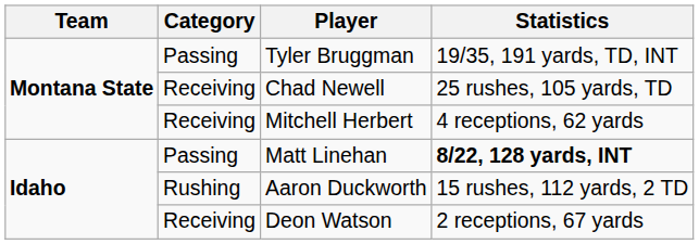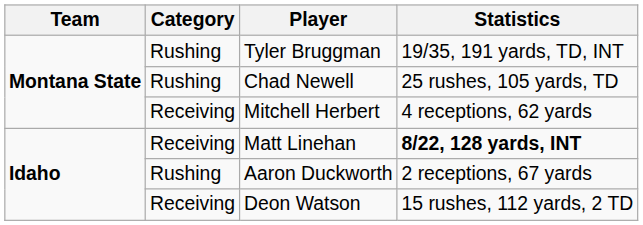 <table class="wikitable" style="float: right;">
 <tr>
 <th>Team</th>
 <th>Category</th>
 <th>Player</th>
 <th>Statistics</th>
 </tr>
 <tr>
 <td rowspan=3><strong>Montana State</strong></td>
-<td>Passing</td>
+<td>Rushing</td>
 <td>Tyler Bruggman</td>
 <td>19/35, 191 yards, TD, INT</td>
 </tr>
 <tr>
-<td>Receiving</td>
+<td>Rushing</td>
 <td>Chad Newell</td>
 <td>25 rushes, 105 yards, TD</td>
 </tr>
 <tr>
 <td>Receiving</td>
 <td>Mitchell Herbert</td>
 <td>4 receptions, 62 yards</td>
 </tr>
 <tr>
 <td rowspan=3><strong>Idaho</strong></td>
-<td>Passing</td>
+<td>Receiving</td>
 <td>Matt Linehan</td>
 <td><strong>8/22, 128 yards, INT</strong></td>
 </tr>
 <tr>
 <td>Rushing</td>
 <td>Aaron Duckworth</td>
-<td>15 rushes, 112 yards, 2 TD</td>
+<td>2 receptions, 67 yards</td>
 </tr>
 <tr>
 <td>Receiving</td>
 <td>Deon Watson</td>
-<td>2 receptions, 67 yards</td>
+<td>15 rushes, 112 yards, 2 TD</td>
 </tr>
 </table>
